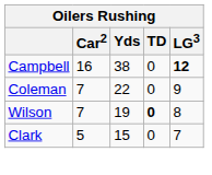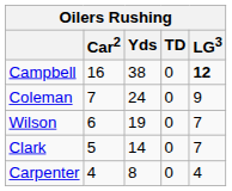 <table class="wikitable">
 <tr>
 <th colspan="5">Oilers Rushing</th>
 </tr>
 <tr>
 <th></th>
 <th>Car<sup>2</sup></th>
 <th>Yds</th>
 <th>TD</th>
 <th>LG<sup>3</sup></th>
 </tr>
 <tr>
 <td><a href='#'>Campbell</a></td>
 <td>16</td>
 <td>38</td>
 <td>0</td>
 <td><strong>12</strong></td>
 </tr>
 <tr>
 <td><a href='#'>Coleman</a></td>
 <td>7</td>
-<td>22</td>
+<td>24</td>
 <td>0</td>
 <td>9</td>
 </tr>
 <tr>
 <td><a href='#'>Wilson</a></td>
+<td>6</td>
+<td>19</td>
+<td>0</td>
 <td>7</td>
-<td>19</td>
-<td><strong>0</strong></td>
-<td>8</td>
 </tr>
 <tr>
 <td><a href='#'>Clark</a></td>
 <td>5</td>
-<td>15</td>
+<td>14</td>
 <td>0</td>
 <td>7</td>
 </tr>
+<tr>
+<td><a href='#'>Carpenter</a></td>
+<td>4</td>
+<td>8</td>
+<td>0</td>
+<td>4</td>
+</tr>
 </table>
